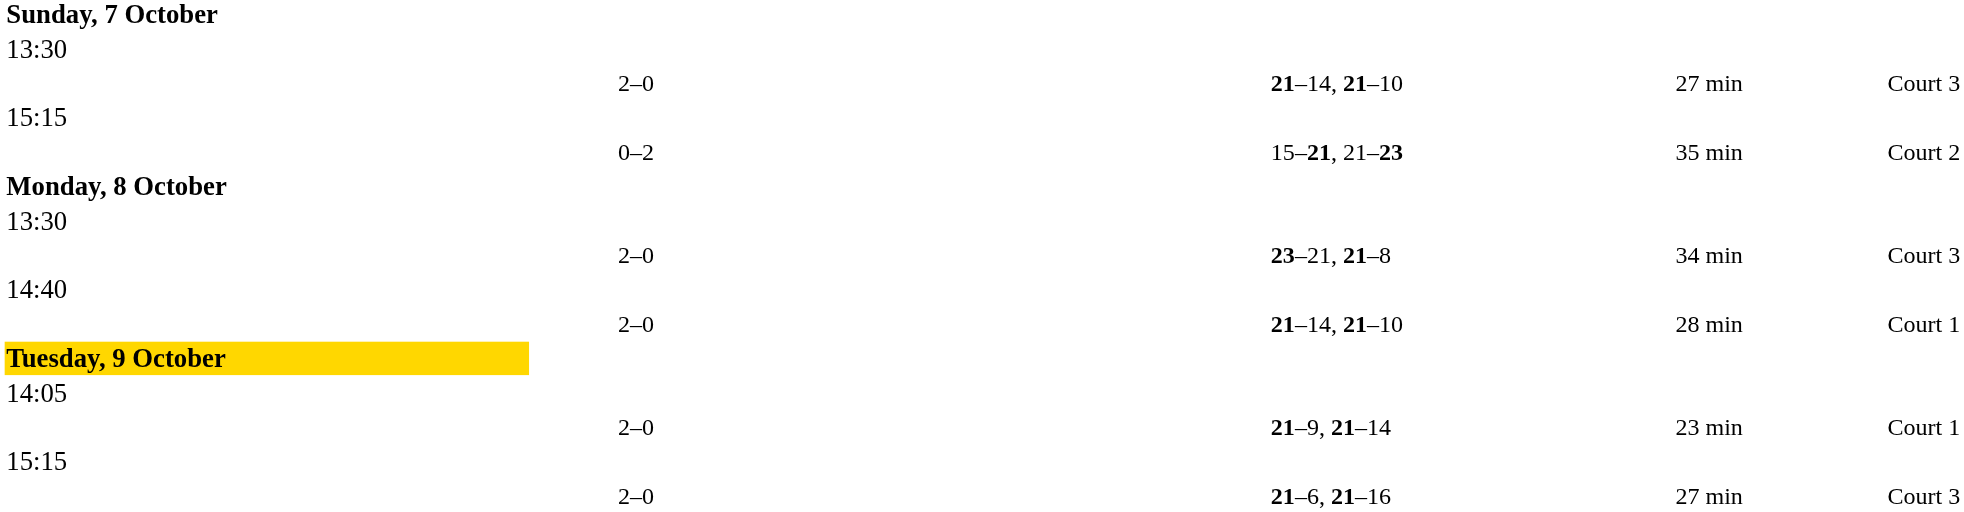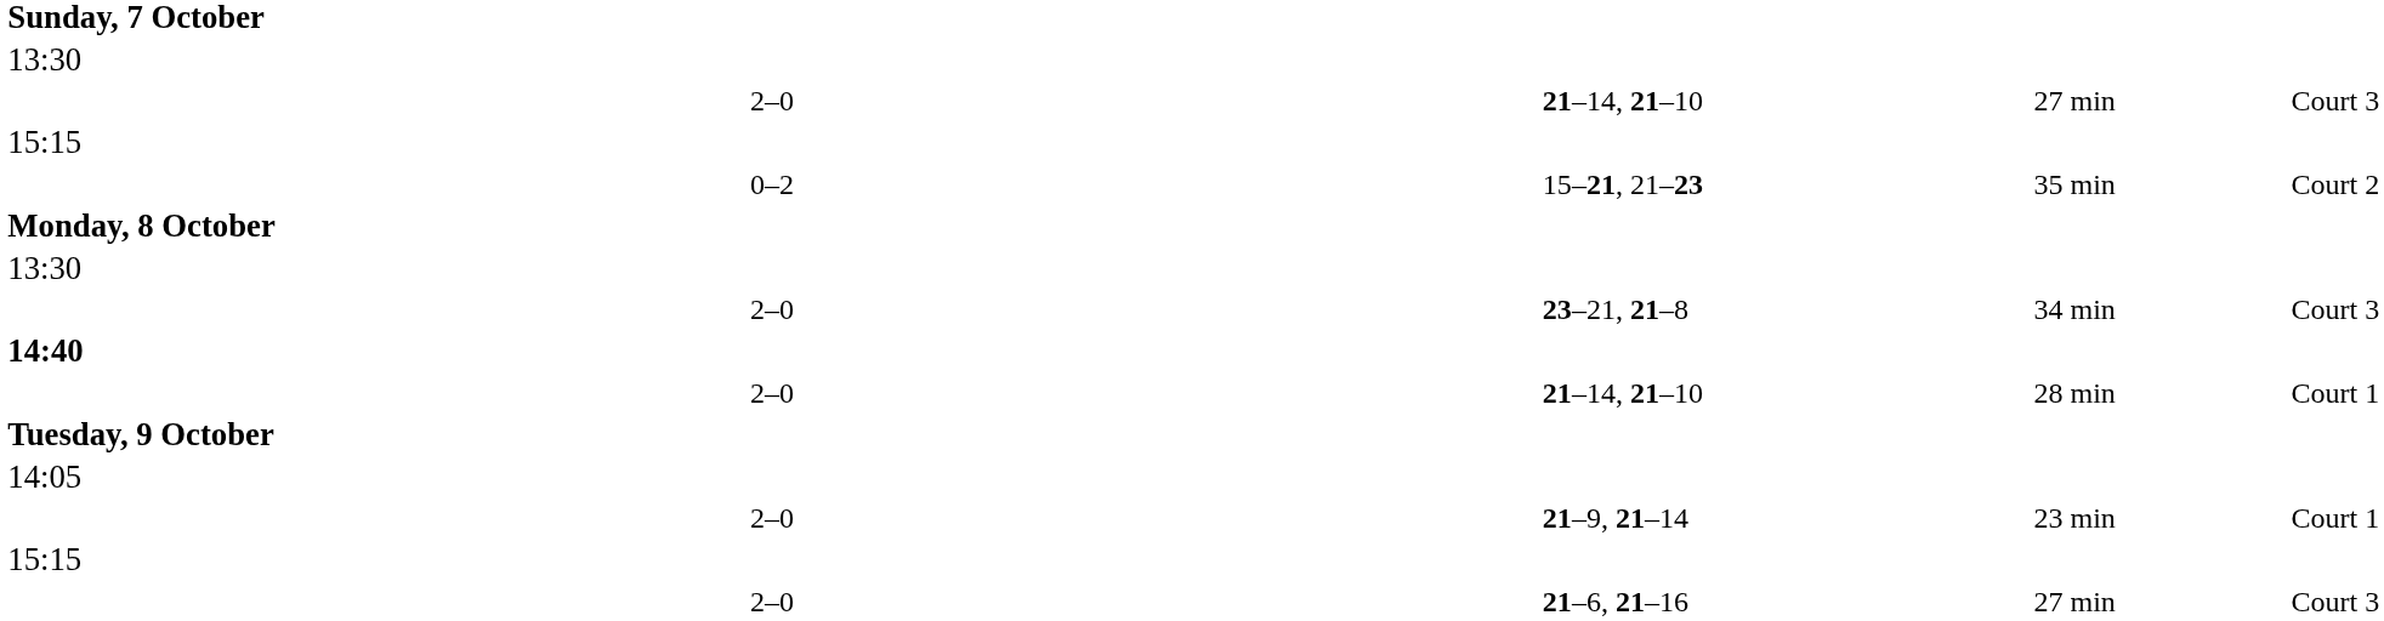 <table style="width:100%;" cellspacing="1">
 <tr>
 <th width=25%></th>
 <th width=10%></th>
 <th width=25%></th>
 </tr>
 <tr>
 <td><strong>Sunday, 7 October</strong></td>
 </tr>
 <tr>
 <td>13:30</td>
 </tr>
 <tr style=font-size:90%>
 <td align=right><strong></strong></td>
 <td align=center>2–0</td>
 <td></td>
 <td><strong>21</strong>–14, <strong>21</strong>–10</td>
 <td>27 min</td>
 <td>Court 3</td>
 </tr>
 <tr>
 <td>15:15</td>
 </tr>
 <tr style=font-size:90%>
 <td align=right></td>
 <td align=center>0–2</td>
 <td><strong></strong></td>
 <td>15–<strong>21</strong>, 21–<strong>23</strong></td>
 <td>35 min</td>
 <td>Court 2</td>
 </tr>
 <tr>
 <td><strong>Monday, 8 October</strong></td>
 </tr>
 <tr>
 <td>13:30</td>
 </tr>
 <tr style=font-size:90%>
 <td align=right><strong></strong></td>
 <td align=center>2–0</td>
 <td></td>
 <td><strong>23</strong>–21, <strong>21</strong>–8</td>
 <td>34 min</td>
 <td>Court 3</td>
 </tr>
 <tr>
-<td>14:40</td>
+<td><strong>14:40</strong></td>
 </tr>
 <tr style=font-size:90%>
 <td align=right><strong></strong></td>
 <td align=center>2–0</td>
 <td></td>
 <td><strong>21</strong>–14, <strong>21</strong>–10</td>
 <td>28 min</td>
 <td>Court 1</td>
 </tr>
 <tr>
-<td style="background: gold;"><strong>Tuesday, 9 October</strong></td>
+<td><strong>Tuesday, 9 October</strong></td>
 </tr>
 <tr>
 <td>14:05</td>
 </tr>
 <tr style=font-size:90%>
 <td align=right><strong></strong></td>
 <td align=center>2–0</td>
 <td></td>
 <td><strong>21</strong>–9, <strong>21</strong>–14</td>
 <td>23 min</td>
 <td>Court 1</td>
 </tr>
 <tr>
 <td>15:15</td>
 </tr>
 <tr style=font-size:90%>
 <td align=right><strong></strong></td>
 <td align=center>2–0</td>
 <td></td>
 <td><strong>21</strong>–6, <strong>21</strong>–16</td>
 <td>27 min</td>
 <td>Court 3</td>
 </tr>
 </table>
